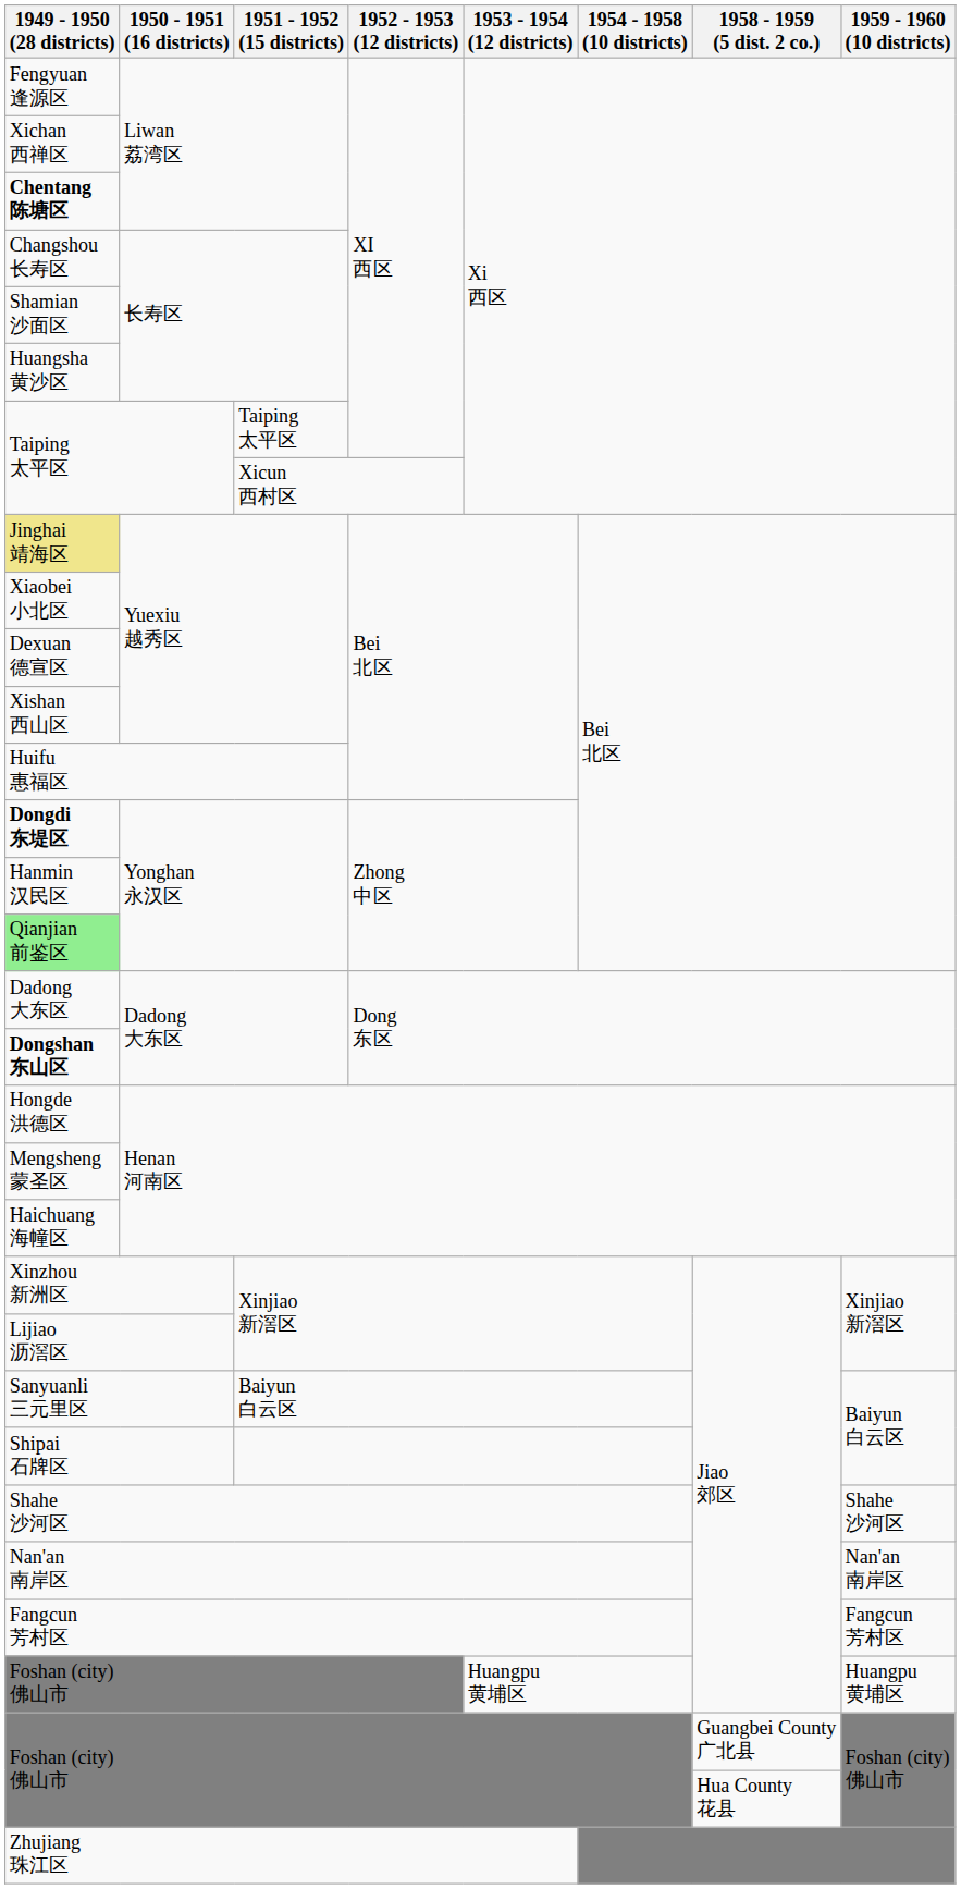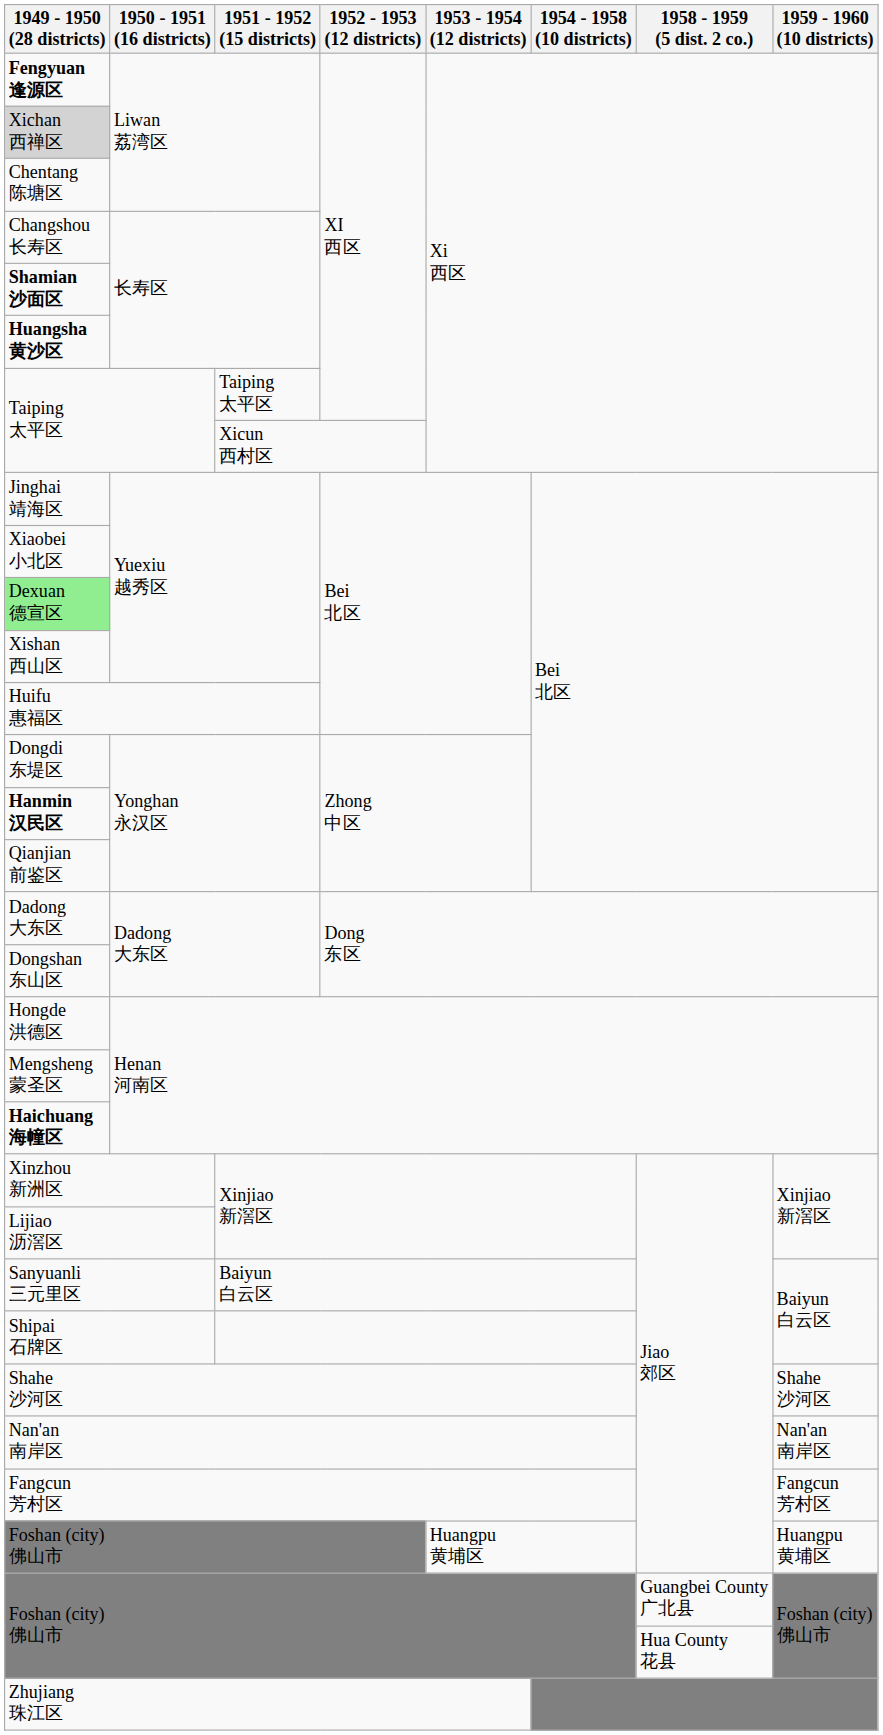 <table border="1" class=wikitable frame="box" rules="all">
 <tr>
 <th>1949 - 1950<br>(28 districts)</th>
 <th>1950 - 1951<br>(16 districts)</th>
 <th>1951 - 1952<br>(15 districts)</th>
 <th>1952 - 1953<br>(12 districts)</th>
 <th>1953 - 1954<br>(12 districts)</th>
 <th>1954 - 1958<br>(10 districts)</th>
 <th>1958 - 1959<br>(5 dist. 2 co.)</th>
 <th>1959 - 1960<br>(10 districts)</th>
 </tr>
 <tr>
-<td>Fengyuan<br>逢源区</td>
+<td><strong>Fengyuan<br>逢源区</strong></td>
 <td rowspan="3" colspan="2">Liwan<br>荔湾区</td>
 <td rowspan="7">XI<br>西区</td>
 <td rowspan="8" colspan="4">Xi<br>西区</td>
 </tr>
 <tr>
-<td>Xichan<br>西禅区</td>
+<td style="background: lightgrey;">Xichan<br>西禅区</td>
 </tr>
 <tr>
-<td><strong>Chentang<br>陈塘区</strong></td>
+<td>Chentang<br>陈塘区</td>
 </tr>
 <tr>
 <td>Changshou<br>长寿区</td>
 <td rowspan="3" colspan="2">长寿区</td>
 </tr>
 <tr>
-<td>Shamian<br>沙面区</td>
+<td><strong>Shamian<br>沙面区</strong></td>
 </tr>
 <tr>
-<td>Huangsha<br>黄沙区</td>
+<td><strong>Huangsha<br>黄沙区</strong></td>
 </tr>
 <tr>
 <td rowspan="2" colspan="2">Taiping<br>太平区</td>
 <td>Taiping<br>太平区</td>
 </tr>
 <tr>
 <td colspan="2">Xicun<br>西村区</td>
 </tr>
 <tr>
-<td style="background: khaki;">Jinghai<br>靖海区</td>
+<td>Jinghai<br>靖海区</td>
 <td rowspan="4" colspan="2">Yuexiu<br>越秀区</td>
 <td rowspan="5" colspan="2">Bei<br>北区</td>
 <td rowspan="8" colspan="3">Bei<br>北区</td>
 </tr>
 <tr>
 <td>Xiaobei<br>小北区</td>
 </tr>
 <tr>
-<td>Dexuan<br>德宣区</td>
+<td style="background: lightgreen;">Dexuan<br>德宣区</td>
 </tr>
 <tr>
 <td>Xishan<br>西山区</td>
 </tr>
 <tr>
 <td colspan="3">Huifu<br>惠福区</td>
 </tr>
 <tr>
-<td><strong>Dongdi<br>东堤区</strong></td>
+<td>Dongdi<br>东堤区</td>
 <td rowspan="3" colspan="2">Yonghan<br>永汉区</td>
 <td rowspan="3" colspan="2">Zhong<br>中区</td>
 </tr>
 <tr>
-<td>Hanmin<br>汉民区</td>
+<td><strong>Hanmin<br>汉民区</strong></td>
 </tr>
 <tr>
-<td style="background: lightgreen;">Qianjian<br>前鉴区</td>
+<td>Qianjian<br>前鉴区</td>
 </tr>
 <tr>
 <td>Dadong<br>大东区</td>
 <td rowspan="2" colspan="2">Dadong<br>大东区</td>
 <td rowspan="2" colspan="5">Dong<br>东区</td>
 </tr>
 <tr>
-<td><strong>Dongshan<br>东山区</strong></td>
+<td>Dongshan<br>东山区</td>
 </tr>
 <tr>
 <td>Hongde<br>洪德区</td>
 <td rowspan="3" colspan="7">Henan<br>河南区</td>
 </tr>
 <tr>
 <td>Mengsheng<br>蒙圣区</td>
 </tr>
 <tr>
-<td>Haichuang<br>海幢区</td>
+<td><strong>Haichuang<br>海幢区</strong></td>
 </tr>
 <tr>
 <td colspan="2">Xinzhou<br>新洲区</td>
 <td rowspan="2" colspan="4">Xinjiao<br>新滘区</td>
 <td rowspan="8">Jiao<br>郊区</td>
 <td rowspan="2">Xinjiao<br>新滘区</td>
 </tr>
 <tr>
 <td colspan="2">Lijiao<br>沥滘区</td>
 </tr>
 <tr>
 <td colspan="2">Sanyuanli<br>三元里区</td>
 <td rowpan="2" colspan="4">Baiyun<br>白云区</td>
 <td rowspan="2">Baiyun<br>白云区</td>
 </tr>
 <tr>
 <td colspan="2">Shipai<br>石牌区</td>
 </tr>
 <tr>
 <td colspan="6">Shahe<br>沙河区</td>
 <td>Shahe<br>沙河区</td>
 </tr>
 <tr>
 <td colspan="6">Nan'an<br>南岸区</td>
 <td>Nan'an<br>南岸区</td>
 </tr>
 <tr>
 <td colspan="6">Fangcun<br>芳村区</td>
 <td>Fangcun<br>芳村区</td>
 </tr>
 <tr>
 <td bgcolor="grey" colspan="4">Foshan (city)<br>佛山市</td>
 <td colspan="2">Huangpu<br>黄埔区</td>
 <td>Huangpu<br>黄埔区</td>
 </tr>
 <tr>
 <td bgcolor="grey" rowspan="2" colspan="6">Foshan (city)<br>佛山市</td>
 <td>Guangbei County<br>广北县</td>
 <td bgcolor="grey" rowspan="2">Foshan (city)<br>佛山市</td>
 </tr>
 <tr>
 <td>Hua County<br>花县</td>
 </tr>
 <tr>
 <td colspan="5">Zhujiang<br>珠江区</td>
 <td bgcolor="grey" colspan="3"></td>
 </tr>
 </table>
